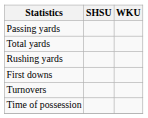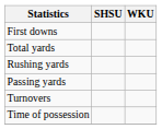 <table class="wikitable" style="float: left;">
 <tr>
 <th>Statistics</th>
 <th>SHSU</th>
 <th>WKU</th>
 </tr>
 <tr>
-<td>Passing yards</td>
+<td>First downs</td>
 <td></td>
 <td></td>
 </tr>
 <tr>
 <td>Total yards</td>
 <td></td>
 <td></td>
 </tr>
 <tr>
 <td>Rushing yards</td>
 <td></td>
 <td></td>
 </tr>
 <tr>
-<td>First downs</td>
+<td>Passing yards</td>
 <td></td>
 <td></td>
 </tr>
 <tr>
 <td>Turnovers</td>
 <td></td>
 <td></td>
 </tr>
 <tr>
 <td>Time of possession</td>
 <td></td>
 <td></td>
 </tr>
 <tr>
 </tr>
 </table>
